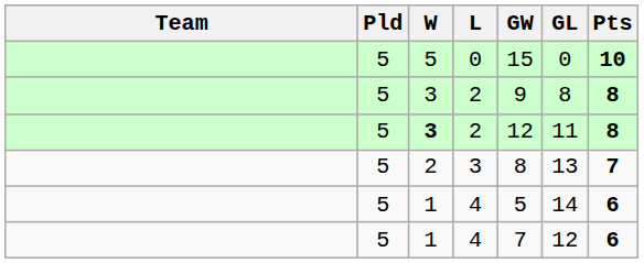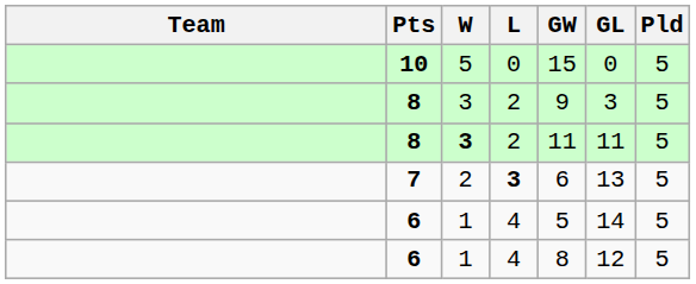 <table class="wikitable" style="text-align:center">
 <tr>
 <th width=200>Team</th>
-<th width=20>Pld</th>
+<th width=20>Pts</th>
 <th width=20>W</th>
 <th width=20>L</th>
 <th width=20>GW</th>
 <th width=20>GL</th>
-<th width=20>Pts</th>
+<th width=20>Pld</th>
 </tr>
 <tr bgcolor="ccffcc">
 <td style="text-align:left;"></td>
-<td>5</td>
+<td><strong>10</strong></td>
 <td>5</td>
 <td>0</td>
 <td>15</td>
 <td>0</td>
-<td><strong>10</strong></td>
+<td>5</td>
 </tr>
 <tr bgcolor="ccffcc">
 <td style="text-align:left;"></td>
-<td>5</td>
+<td><strong>8</strong></td>
 <td>3</td>
 <td>2</td>
 <td>9</td>
-<td>8</td>
-<td><strong>8</strong></td>
+<td>3</td>
+<td>5</td>
 </tr>
 <tr bgcolor="ccffcc">
 <td style="text-align:left;"></td>
-<td>5</td>
+<td><strong>8</strong></td>
 <td><strong>3</strong></td>
 <td>2</td>
-<td>12</td>
 <td>11</td>
-<td><strong>8</strong></td>
+<td>11</td>
+<td>5</td>
 </tr>
 <tr>
 <td style="text-align:left;"></td>
+<td><strong>7</strong></td>
+<td>2</td>
+<td><strong>3</strong></td>
+<td>6</td>
+<td>13</td>
 <td>5</td>
-<td>2</td>
-<td>3</td>
-<td>8</td>
-<td>13</td>
-<td><strong>7</strong></td>
 </tr>
 <tr>
 <td style="text-align:left;"></td>
-<td>5</td>
+<td><strong>6</strong></td>
 <td>1</td>
 <td>4</td>
 <td>5</td>
 <td>14</td>
-<td><strong>6</strong></td>
+<td>5</td>
 </tr>
 <tr>
 <td style="text-align:left;"></td>
-<td>5</td>
+<td><strong>6</strong></td>
 <td>1</td>
 <td>4</td>
-<td>7</td>
+<td>8</td>
 <td>12</td>
-<td><strong>6</strong></td>
+<td>5</td>
 </tr>
 </table>
